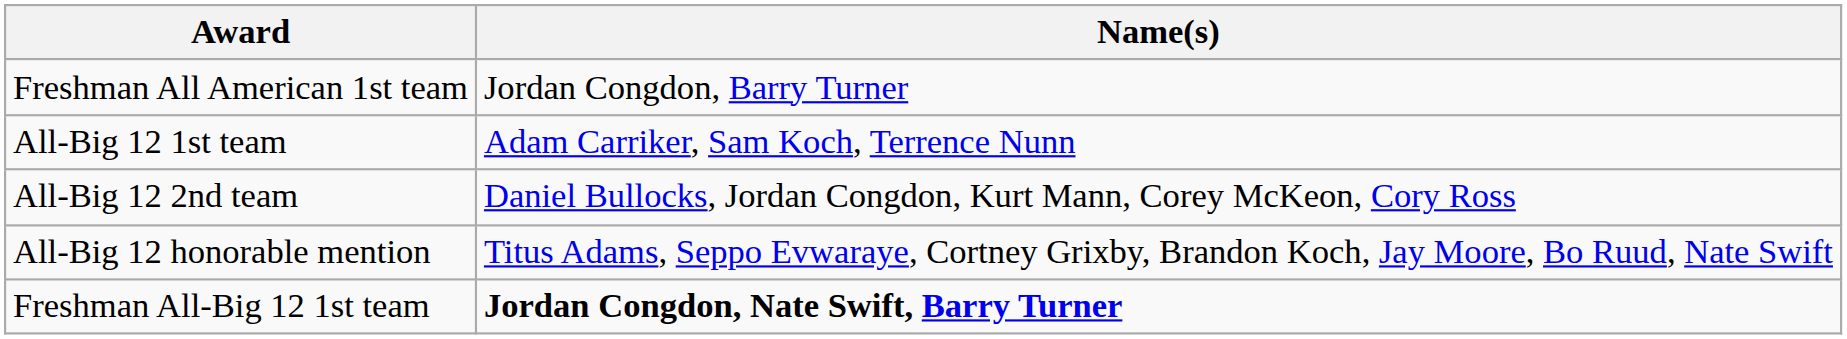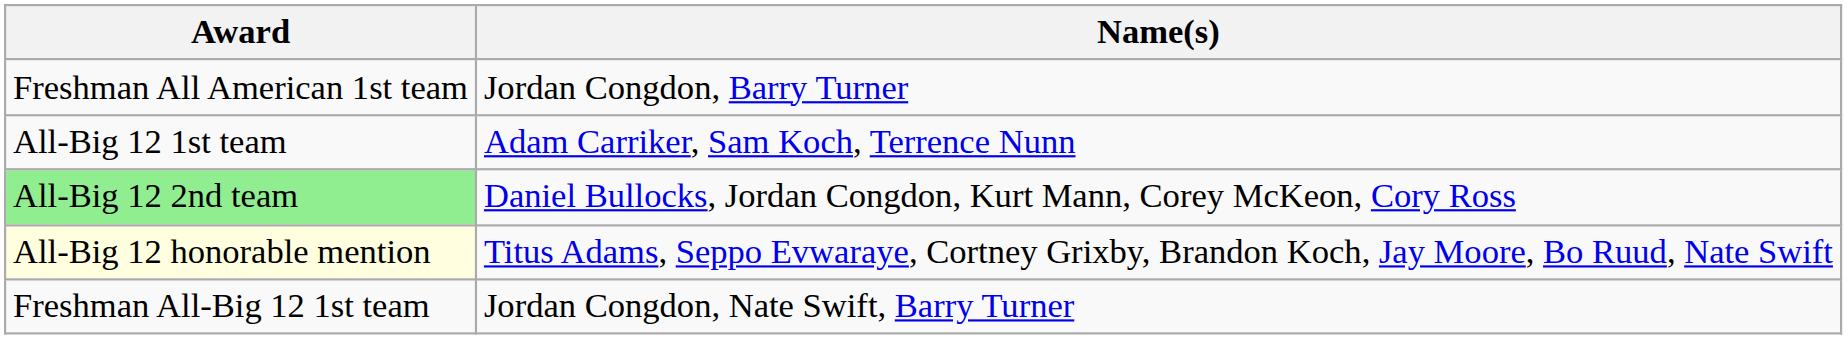 <table class="wikitable">
 <tr>
 <th>Award</th>
 <th>Name(s)</th>
 </tr>
 <tr>
 <td>Freshman All American 1st team</td>
 <td>Jordan Congdon, <a href='#'>Barry Turner</a></td>
 </tr>
 <tr>
 <td>All-Big 12 1st team</td>
 <td><a href='#'>Adam Carriker</a>, <a href='#'>Sam Koch</a>, <a href='#'>Terrence Nunn</a></td>
 </tr>
 <tr>
-<td>All-Big 12 2nd team</td>
+<td style="background: lightgreen;">All-Big 12 2nd team</td>
 <td><a href='#'>Daniel Bullocks</a>, Jordan Congdon, Kurt Mann, Corey McKeon, <a href='#'>Cory Ross</a></td>
 </tr>
 <tr>
-<td>All-Big 12 honorable mention</td>
+<td style="background: lightyellow;">All-Big 12 honorable mention</td>
 <td><a href='#'>Titus Adams</a>, <a href='#'>Seppo Evwaraye</a>, Cortney Grixby, Brandon Koch, <a href='#'>Jay Moore</a>, <a href='#'>Bo Ruud</a>, <a href='#'>Nate Swift</a></td>
 </tr>
 <tr>
 <td>Freshman All-Big 12 1st team</td>
-<td><strong>Jordan Congdon, Nate Swift, <a href='#'>Barry Turner</a></strong></td>
+<td>Jordan Congdon, Nate Swift, <a href='#'>Barry Turner</a></td>
 </tr>
 </table>
